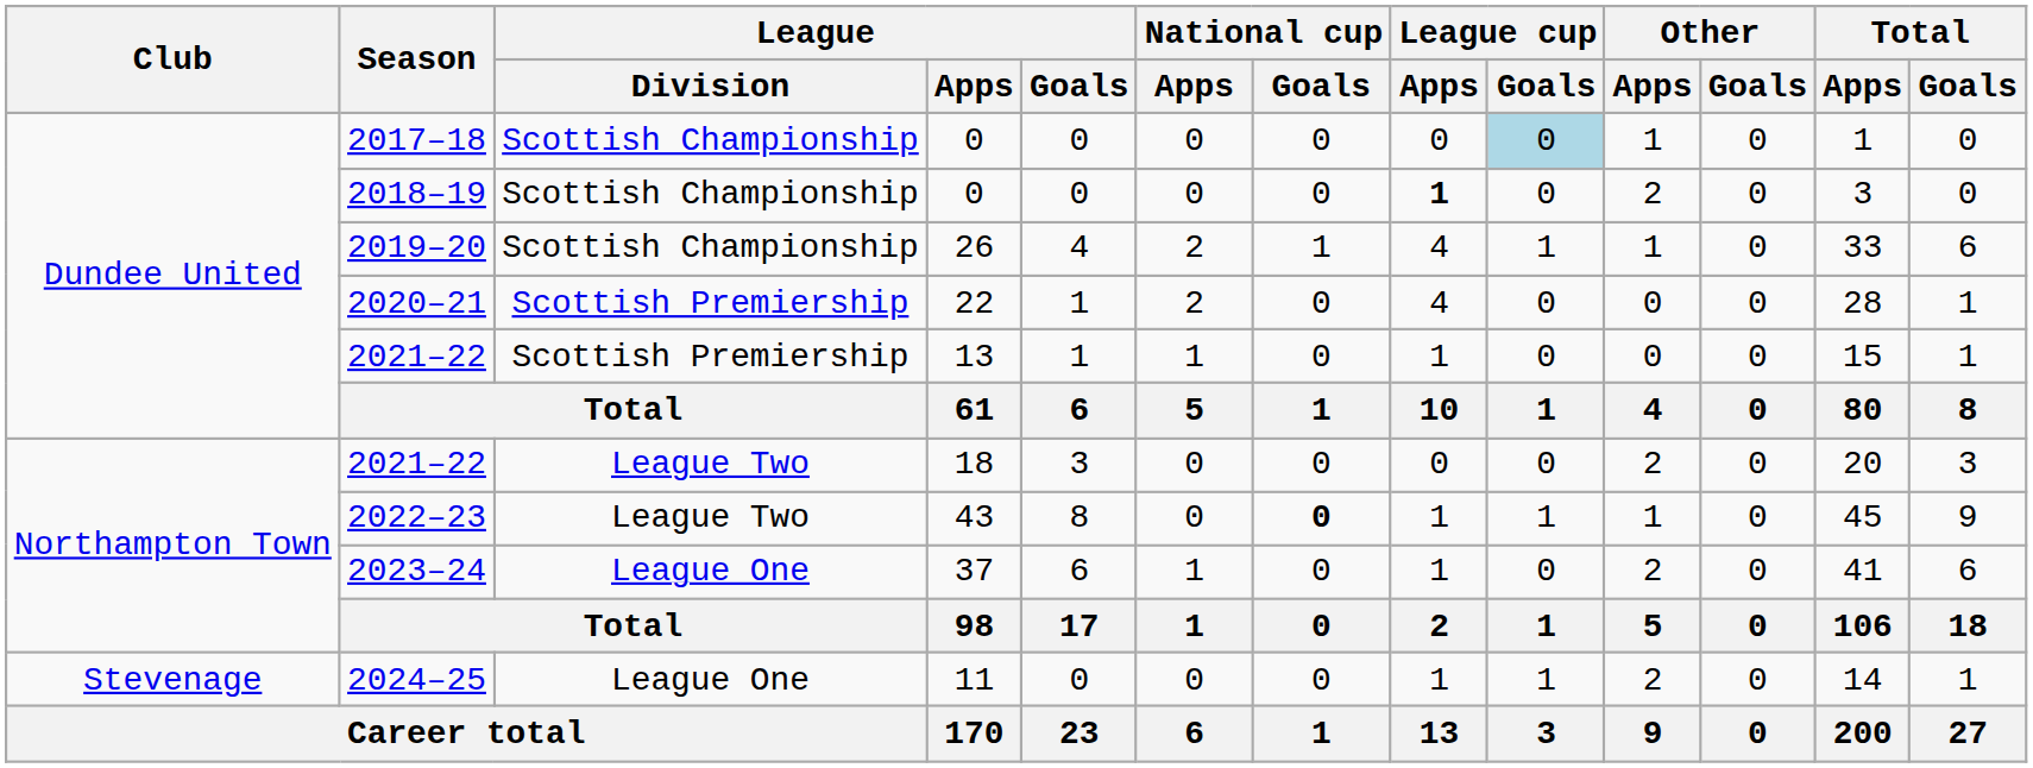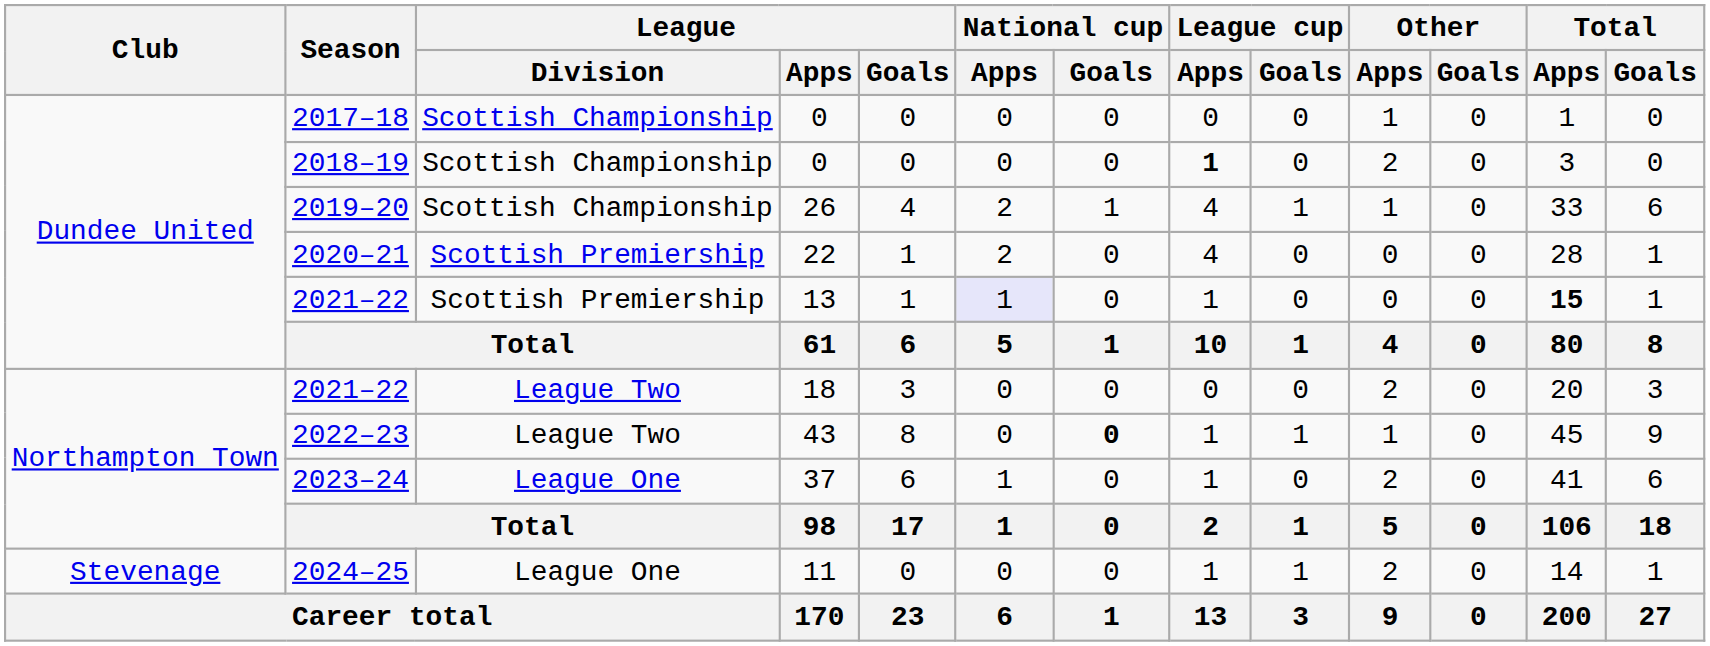 <table class="wikitable" style="text-align: center">
 <tr>
 <th rowspan="2">Club</th>
 <th rowspan="2">Season</th>
 <th colspan="3">League</th>
 <th colspan="2">National cup</th>
 <th colspan="2">League cup</th>
 <th colspan="2">Other</th>
 <th colspan="2">Total</th>
 </tr>
 <tr>
 <th>Division</th>
 <th>Apps</th>
 <th>Goals</th>
 <th>Apps</th>
 <th>Goals</th>
 <th>Apps</th>
 <th>Goals</th>
 <th>Apps</th>
 <th>Goals</th>
 <th>Apps</th>
 <th>Goals</th>
 </tr>
 <tr>
 <td rowspan="6"><a href='#'>Dundee United</a></td>
 <td><a href='#'>2017–18</a></td>
 <td><a href='#'>Scottish Championship</a></td>
 <td>0</td>
 <td>0</td>
 <td>0</td>
 <td>0</td>
 <td>0</td>
-<td style="background: lightblue;">0</td>
+<td>0</td>
 <td>1</td>
 <td>0</td>
 <td>1</td>
 <td>0</td>
 </tr>
 <tr>
 <td><a href='#'>2018–19</a></td>
 <td>Scottish Championship</td>
 <td>0</td>
 <td>0</td>
 <td>0</td>
 <td>0</td>
 <td><strong>1</strong></td>
 <td>0</td>
 <td>2</td>
 <td>0</td>
 <td>3</td>
 <td>0</td>
 </tr>
 <tr>
 <td><a href='#'>2019–20</a></td>
 <td>Scottish Championship</td>
 <td>26</td>
 <td>4</td>
 <td>2</td>
 <td>1</td>
 <td>4</td>
 <td>1</td>
 <td>1</td>
 <td>0</td>
 <td>33</td>
 <td>6</td>
 </tr>
 <tr>
 <td><a href='#'>2020–21</a></td>
 <td><a href='#'>Scottish Premiership</a></td>
 <td>22</td>
 <td>1</td>
 <td>2</td>
 <td>0</td>
 <td>4</td>
 <td>0</td>
 <td>0</td>
 <td>0</td>
 <td>28</td>
 <td>1</td>
 </tr>
 <tr>
 <td><a href='#'>2021–22</a></td>
 <td>Scottish Premiership</td>
 <td>13</td>
 <td>1</td>
-<td>1</td>
+<td style="background: lavender;">1</td>
 <td>0</td>
 <td>1</td>
 <td>0</td>
 <td>0</td>
 <td>0</td>
-<td>15</td>
+<td><strong>15</strong></td>
 <td>1</td>
 </tr>
 <tr>
 <th colspan=2>Total</th>
 <th>61</th>
 <th>6</th>
 <th>5</th>
 <th>1</th>
 <th>10</th>
 <th>1</th>
 <th>4</th>
 <th>0</th>
 <th>80</th>
 <th>8</th>
 </tr>
 <tr>
 <td rowspan="4"><a href='#'>Northampton Town</a></td>
 <td><a href='#'>2021–22</a></td>
 <td><a href='#'>League Two</a></td>
 <td>18</td>
 <td>3</td>
 <td>0</td>
 <td>0</td>
 <td>0</td>
 <td>0</td>
 <td>2</td>
 <td>0</td>
 <td>20</td>
 <td>3</td>
 </tr>
 <tr>
 <td><a href='#'>2022–23</a></td>
 <td>League Two</td>
 <td>43</td>
 <td>8</td>
 <td>0</td>
 <td><strong>0</strong></td>
 <td>1</td>
 <td>1</td>
 <td>1</td>
 <td>0</td>
 <td>45</td>
 <td>9</td>
 </tr>
 <tr>
 <td><a href='#'>2023–24</a></td>
 <td><a href='#'>League One</a></td>
 <td>37</td>
 <td>6</td>
 <td>1</td>
 <td>0</td>
 <td>1</td>
 <td>0</td>
 <td>2</td>
 <td>0</td>
 <td>41</td>
 <td>6</td>
 </tr>
 <tr>
 <th colspan=2>Total</th>
 <th>98</th>
 <th>17</th>
 <th>1</th>
 <th>0</th>
 <th>2</th>
 <th>1</th>
 <th>5</th>
 <th>0</th>
 <th>106</th>
 <th>18</th>
 </tr>
 <tr>
 <td><a href='#'>Stevenage</a></td>
 <td><a href='#'>2024–25</a></td>
 <td>League One</td>
 <td>11</td>
 <td>0</td>
 <td>0</td>
 <td>0</td>
 <td>1</td>
 <td>1</td>
 <td>2</td>
 <td>0</td>
 <td>14</td>
 <td>1</td>
 </tr>
 <tr>
 <th colspan="3">Career total</th>
 <th>170</th>
 <th>23</th>
 <th>6</th>
 <th>1</th>
 <th>13</th>
 <th>3</th>
 <th>9</th>
 <th>0</th>
 <th>200</th>
 <th>27</th>
 </tr>
 </table>
